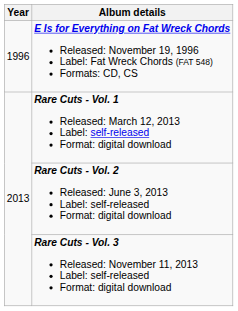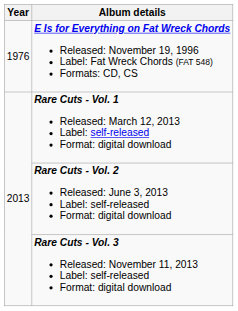 <table class="wikitable">
 <tr>
 <th rowspan="1">Year</th>
 <th rowspan="1">Album details</th>
 </tr>
 <tr>
-<td>1996</td>
+<td>1976</td>
 <td><strong><em><a href='#'>E Is for Everything on Fat Wreck Chords</a></em></strong><br><ul><li>Released: November 19, 1996</li><li>Label: Fat Wreck Chords <small>(FAT 548)</small></li><li>Formats: CD, CS</li></ul></td>
 </tr>
 <tr>
 <td rowspan="3">2013</td>
 <td><strong><em>Rare Cuts - Vol. 1</em></strong><br><ul><li>Released: March 12, 2013</li><li>Label: <a href='#'>self-released</a></li><li>Format: digital download</li></ul></td>
 </tr>
 <tr>
 <td><strong><em>Rare Cuts - Vol. 2</em></strong><br><ul><li>Released: June 3, 2013</li><li>Label: self-released</li><li>Format: digital download</li></ul></td>
 </tr>
 <tr>
 <td><strong><em>Rare Cuts - Vol. 3</em></strong><br><ul><li>Released: November 11, 2013</li><li>Label: self-released</li><li>Format: digital download</li></ul></td>
 </tr>
 </table>
